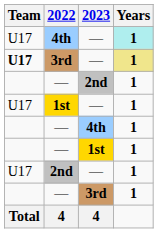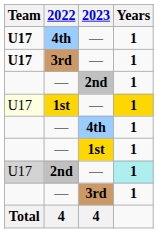 <table class="wikitable" style="text-align:center">
 <tr>
 <th>Team</th>
 <th><a href='#'>2022</a></th>
 <th><a href='#'>2023</a></th>
 <th>Years</th>
 </tr>
 <tr>
-<td align=left> U17</td>
+<td align=left><strong> U17</strong></td>
 <td style="background:#9acdff"><strong>4th</strong></td>
 <td>—</td>
-<td style="background: paleturquoise;"><strong>1</strong></td>
+<td><strong>1</strong></td>
 </tr>
 <tr>
 <td align=left><strong> U17</strong></td>
 <td style="background:#cc9966"><strong>3rd</strong></td>
 <td>—</td>
-<td style="background: khaki;"><strong>1</strong></td>
+<td><strong>1</strong></td>
 </tr>
 <tr>
 <td align=left></td>
 <td>—</td>
 <td style="background:silver"><strong>2nd</strong></td>
 <td><strong>1</strong></td>
 </tr>
 <tr>
-<td align=left> U17</td>
+<td align=left style="background: lightyellow;"> U17</td>
 <td style="background:gold"><strong>1st</strong></td>
 <td>—</td>
-<td><strong>1</strong></td>
+<td style="background: gold;"><strong>1</strong></td>
 </tr>
 <tr>
 <td align=left></td>
 <td>—</td>
 <td style="background:#9acdff"><strong>4th</strong></td>
 <td><strong>1</strong></td>
 </tr>
 <tr>
 <td align=left></td>
 <td>—</td>
 <td style="background:gold"><strong>1st</strong></td>
 <td><strong>1</strong></td>
 </tr>
 <tr>
-<td align=left>  U17</td>
+<td align=left style="background: lightgrey;">  U17</td>
 <td style="background:silver"><strong>2nd</strong></td>
 <td>—</td>
-<td><strong>1</strong></td>
+<td style="background: paleturquoise;"><strong>1</strong></td>
 </tr>
 <tr>
 <td align=left></td>
 <td>—</td>
 <td style="background:#cc9966"><strong>3rd</strong></td>
 <td><strong>1</strong></td>
 </tr>
 <tr>
 <th>Total</th>
 <th>4</th>
 <th>4</th>
 </tr>
 </table>
